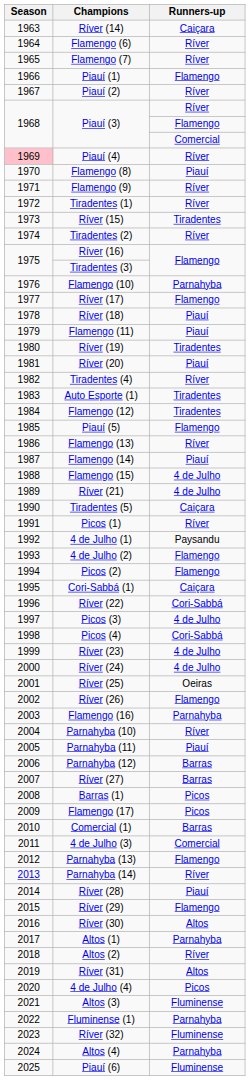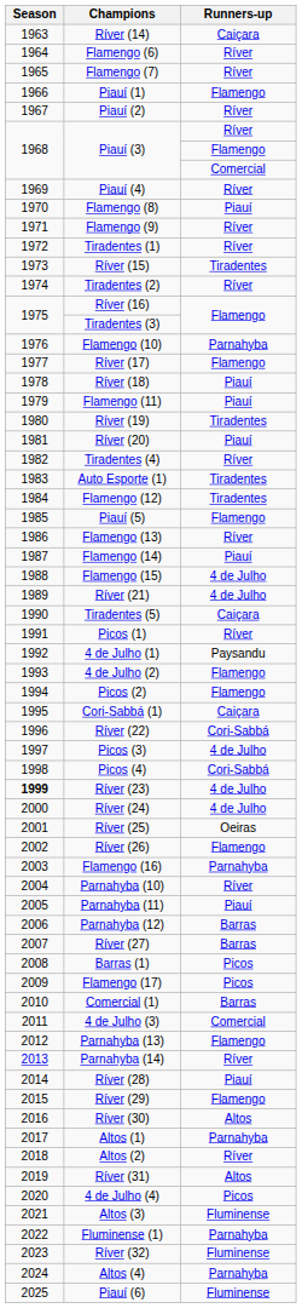 <table class="wikitable" style="text-align:center; margin-left:1em;">
 <tr>
 <th style="width:70px">Season</th>
 <th style="width:145px">Champions</th>
 <th style="width:145px">Runners-up</th>
 </tr>
 <tr>
 <td>1963</td>
 <td><a href='#'>Ríver</a> (14)</td>
 <td><a href='#'>Caiçara</a></td>
 </tr>
 <tr>
 <td>1964</td>
 <td><a href='#'>Flamengo</a> (6)</td>
 <td><a href='#'>Ríver</a></td>
 </tr>
 <tr>
 <td>1965</td>
 <td><a href='#'>Flamengo</a> (7)</td>
 <td><a href='#'>Ríver</a></td>
 </tr>
 <tr>
 <td>1966</td>
 <td><a href='#'>Piauí</a> (1)</td>
 <td><a href='#'>Flamengo</a></td>
 </tr>
 <tr>
 <td>1967</td>
 <td><a href='#'>Piauí</a> (2)</td>
 <td><a href='#'>Ríver</a></td>
 </tr>
 <tr>
 <td rowspan="3">1968</td>
 <td rowspan="3"><a href='#'>Piauí</a> (3)</td>
 <td><a href='#'>Ríver</a></td>
 </tr>
 <tr>
 <td><a href='#'>Flamengo</a></td>
 </tr>
 <tr>
 <td><a href='#'>Comercial</a></td>
 </tr>
 <tr>
-<td style="background: pink;">1969</td>
+<td>1969</td>
 <td><a href='#'>Piauí</a> (4)</td>
 <td><a href='#'>Ríver</a></td>
 </tr>
 <tr>
 <td>1970</td>
 <td><a href='#'>Flamengo</a> (8)</td>
 <td><a href='#'>Piauí</a></td>
 </tr>
 <tr>
 <td>1971</td>
 <td><a href='#'>Flamengo</a> (9)</td>
 <td><a href='#'>Ríver</a></td>
 </tr>
 <tr>
 <td>1972</td>
 <td><a href='#'>Tiradentes</a> (1)</td>
 <td><a href='#'>Ríver</a></td>
 </tr>
 <tr>
 <td>1973</td>
 <td><a href='#'>Ríver</a> (15)</td>
 <td><a href='#'>Tiradentes</a></td>
 </tr>
 <tr>
 <td>1974</td>
 <td><a href='#'>Tiradentes</a> (2)</td>
 <td><a href='#'>Ríver</a></td>
 </tr>
 <tr>
 <td rowspan="2">1975</td>
 <td><a href='#'>Ríver</a> (16)</td>
 <td rowspan="2"><a href='#'>Flamengo</a></td>
 </tr>
 <tr>
 <td><a href='#'>Tiradentes</a> (3)</td>
 </tr>
 <tr>
 <td>1976</td>
 <td><a href='#'>Flamengo</a> (10)</td>
 <td><a href='#'>Parnahyba</a></td>
 </tr>
 <tr>
 <td>1977</td>
 <td><a href='#'>Ríver</a> (17)</td>
 <td><a href='#'>Flamengo</a></td>
 </tr>
 <tr>
 <td>1978</td>
 <td><a href='#'>Ríver</a> (18)</td>
 <td><a href='#'>Piauí</a></td>
 </tr>
 <tr>
 <td>1979</td>
 <td><a href='#'>Flamengo</a> (11)</td>
 <td><a href='#'>Piauí</a></td>
 </tr>
 <tr>
 <td>1980</td>
 <td><a href='#'>Ríver</a> (19)</td>
 <td><a href='#'>Tiradentes</a></td>
 </tr>
 <tr>
 <td>1981</td>
 <td><a href='#'>Ríver</a> (20)</td>
 <td><a href='#'>Piauí</a></td>
 </tr>
 <tr>
 <td>1982</td>
 <td><a href='#'>Tiradentes</a> (4)</td>
 <td><a href='#'>Ríver</a></td>
 </tr>
 <tr>
 <td>1983</td>
 <td><a href='#'>Auto Esporte</a> (1)</td>
 <td><a href='#'>Tiradentes</a></td>
 </tr>
 <tr>
 <td>1984</td>
 <td><a href='#'>Flamengo</a> (12)</td>
 <td><a href='#'>Tiradentes</a></td>
 </tr>
 <tr>
 <td>1985</td>
 <td><a href='#'>Piauí</a> (5)</td>
 <td><a href='#'>Flamengo</a></td>
 </tr>
 <tr>
 <td>1986</td>
 <td><a href='#'>Flamengo</a> (13)</td>
 <td><a href='#'>Ríver</a></td>
 </tr>
 <tr>
 <td>1987</td>
 <td><a href='#'>Flamengo</a> (14)</td>
 <td><a href='#'>Piauí</a></td>
 </tr>
 <tr>
 <td>1988</td>
 <td><a href='#'>Flamengo</a> (15)</td>
 <td><a href='#'>4 de Julho</a></td>
 </tr>
 <tr>
 <td>1989</td>
 <td><a href='#'>Ríver</a> (21)</td>
 <td><a href='#'>4 de Julho</a></td>
 </tr>
 <tr>
 <td>1990</td>
 <td><a href='#'>Tiradentes</a> (5)</td>
 <td><a href='#'>Caiçara</a></td>
 </tr>
 <tr>
 <td>1991</td>
 <td><a href='#'>Picos</a> (1)</td>
 <td><a href='#'>Ríver</a></td>
 </tr>
 <tr>
 <td>1992</td>
 <td><a href='#'>4 de Julho</a> (1)</td>
 <td>Paysandu</td>
 </tr>
 <tr>
 <td>1993</td>
 <td><a href='#'>4 de Julho</a> (2)</td>
 <td><a href='#'>Flamengo</a></td>
 </tr>
 <tr>
 <td>1994</td>
 <td><a href='#'>Picos</a> (2)</td>
 <td><a href='#'>Flamengo</a></td>
 </tr>
 <tr>
 <td>1995</td>
 <td><a href='#'>Cori-Sabbá</a> (1)</td>
 <td><a href='#'>Caiçara</a></td>
 </tr>
 <tr>
 <td>1996</td>
 <td><a href='#'>Ríver</a> (22)</td>
 <td><a href='#'>Cori-Sabbá</a></td>
 </tr>
 <tr>
 <td>1997</td>
 <td><a href='#'>Picos</a> (3)</td>
 <td><a href='#'>4 de Julho</a></td>
 </tr>
 <tr>
 <td>1998</td>
 <td><a href='#'>Picos</a> (4)</td>
 <td><a href='#'>Cori-Sabbá</a></td>
 </tr>
 <tr>
-<td>1999</td>
+<td><strong>1999</strong></td>
 <td><a href='#'>Ríver</a> (23)</td>
 <td><a href='#'>4 de Julho</a></td>
 </tr>
 <tr>
 <td>2000</td>
 <td><a href='#'>Ríver</a> (24)</td>
 <td><a href='#'>4 de Julho</a></td>
 </tr>
 <tr>
 <td>2001</td>
 <td><a href='#'>Ríver</a> (25)</td>
 <td>Oeiras</td>
 </tr>
 <tr>
 <td>2002</td>
 <td><a href='#'>Ríver</a> (26)</td>
 <td><a href='#'>Flamengo</a></td>
 </tr>
 <tr>
 <td>2003</td>
 <td><a href='#'>Flamengo</a> (16)</td>
 <td><a href='#'>Parnahyba</a></td>
 </tr>
 <tr>
 <td>2004</td>
 <td><a href='#'>Parnahyba</a> (10)</td>
 <td><a href='#'>Ríver</a></td>
 </tr>
 <tr>
 <td>2005</td>
 <td><a href='#'>Parnahyba</a> (11)</td>
 <td><a href='#'>Piauí</a></td>
 </tr>
 <tr>
 <td>2006</td>
 <td><a href='#'>Parnahyba</a> (12)</td>
 <td><a href='#'>Barras</a></td>
 </tr>
 <tr>
 <td>2007</td>
 <td><a href='#'>Ríver</a> (27)</td>
 <td><a href='#'>Barras</a></td>
 </tr>
 <tr>
 <td>2008</td>
 <td><a href='#'>Barras</a> (1)</td>
 <td><a href='#'>Picos</a></td>
 </tr>
 <tr>
 <td>2009</td>
 <td><a href='#'>Flamengo</a> (17)</td>
 <td><a href='#'>Picos</a></td>
 </tr>
 <tr>
 <td>2010</td>
 <td><a href='#'>Comercial</a> (1)</td>
 <td><a href='#'>Barras</a></td>
 </tr>
 <tr>
 <td>2011</td>
 <td><a href='#'>4 de Julho</a> (3)</td>
 <td><a href='#'>Comercial</a></td>
 </tr>
 <tr>
 <td>2012</td>
 <td><a href='#'>Parnahyba</a> (13)</td>
 <td><a href='#'>Flamengo</a></td>
 </tr>
 <tr>
 <td><a href='#'>2013</a></td>
 <td><a href='#'>Parnahyba</a> (14)</td>
 <td><a href='#'>Ríver</a></td>
 </tr>
 <tr>
 <td>2014</td>
 <td><a href='#'>Ríver</a> (28)</td>
 <td><a href='#'>Piauí</a></td>
 </tr>
 <tr>
 <td>2015</td>
 <td><a href='#'>Ríver</a> (29)</td>
 <td><a href='#'>Flamengo</a></td>
 </tr>
 <tr>
 <td>2016</td>
 <td><a href='#'>Ríver</a> (30)</td>
 <td><a href='#'>Altos</a></td>
 </tr>
 <tr>
 <td>2017</td>
 <td><a href='#'>Altos</a> (1)</td>
 <td><a href='#'>Parnahyba</a></td>
 </tr>
 <tr>
 <td>2018</td>
 <td><a href='#'>Altos</a> (2)</td>
 <td><a href='#'>Ríver</a></td>
 </tr>
 <tr>
 <td>2019</td>
 <td><a href='#'>Ríver</a> (31)</td>
 <td><a href='#'>Altos</a></td>
 </tr>
 <tr>
 <td>2020</td>
 <td><a href='#'>4 de Julho</a> (4)</td>
 <td><a href='#'>Picos</a></td>
 </tr>
 <tr>
 <td>2021</td>
 <td><a href='#'>Altos</a> (3)</td>
 <td><a href='#'>Fluminense</a></td>
 </tr>
 <tr>
 <td>2022</td>
 <td><a href='#'>Fluminense</a> (1)</td>
 <td><a href='#'>Parnahyba</a></td>
 </tr>
 <tr>
 <td>2023</td>
 <td><a href='#'>Ríver</a> (32)</td>
 <td><a href='#'>Fluminense</a></td>
 </tr>
 <tr>
 <td>2024</td>
 <td><a href='#'>Altos</a> (4)</td>
 <td><a href='#'>Parnahyba</a></td>
 </tr>
 <tr>
 <td>2025</td>
 <td><a href='#'>Piauí</a> (6)</td>
 <td><a href='#'>Fluminense</a></td>
 </tr>
 </table>
